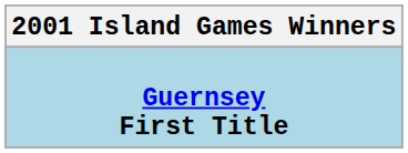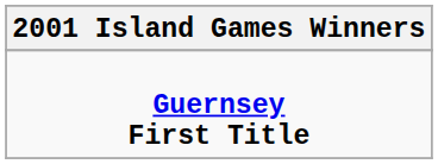 <table class="wikitable" style="text-align: center; margin: 0 auto;">
 <tr>
 <th>2001 Island Games Winners</th>
 </tr>
 <tr>
 </tr>
 <tr>
-<td style="background: lightblue;"><br><strong><a href='#'>Guernsey</a></strong><br><strong>First Title</strong></td>
+<td><br><strong><a href='#'>Guernsey</a></strong><br><strong>First Title</strong></td>
 </tr>
 </table>
